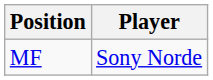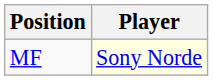 <table class="wikitable sortable">
 <tr>
 <th>Position</th>
 <th>Player</th>
 </tr>
 <tr>
 <td><a href='#'>MF</a></td>
-<td> <a href='#'>Sony Norde</a></td>
+<td style="background: lightyellow;"> <a href='#'>Sony Norde</a></td>
 </tr>
 </table>
